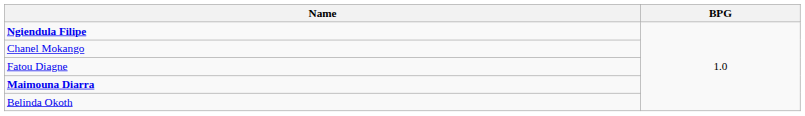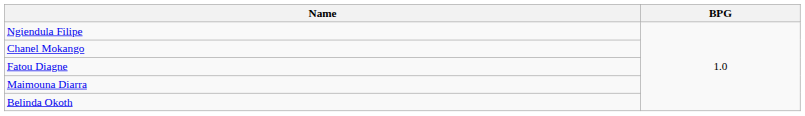 <table class=wikitable width="90%">
 <tr>
 <th width="80%">Name</th>
 <th width="20%">BPG</th>
 </tr>
 <tr>
-<td><strong> <a href='#'>Ngiendula Filipe</a></strong></td>
+<td> <a href='#'>Ngiendula Filipe</a></td>
 <td align=center rowspan=5>1.0</td>
 </tr>
 <tr>
 <td> <a href='#'>Chanel Mokango</a></td>
 </tr>
 <tr>
 <td> <a href='#'>Fatou Diagne</a></td>
 </tr>
 <tr>
-<td><strong> <a href='#'>Maimouna Diarra</a></strong></td>
+<td> <a href='#'>Maimouna Diarra</a></td>
 </tr>
 <tr>
 <td> <a href='#'>Belinda Okoth</a></td>
 </tr>
 </table>
